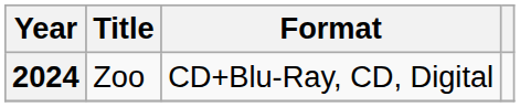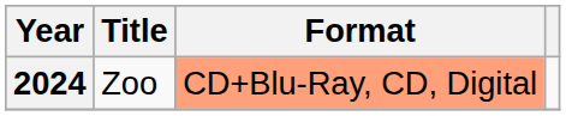 <table class="wikitable">
 <tr>
 <th>Year</th>
 <th>Title</th>
 <th>Format</th>
 <th></th>
 </tr>
 <tr>
 <th>2024</th>
 <td>Zoo</td>
-<td>CD+Blu-Ray, CD, Digital</td>
+<td style="background: lightsalmon;">CD+Blu-Ray, CD, Digital</td>
 <td></td>
 </tr>
 <tr>
 </tr>
 </table>
